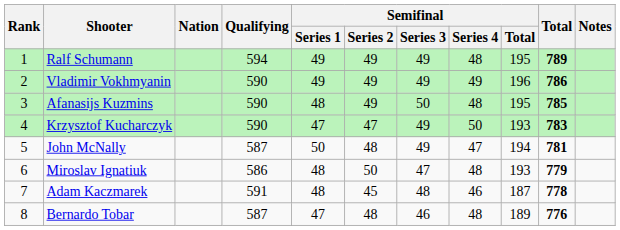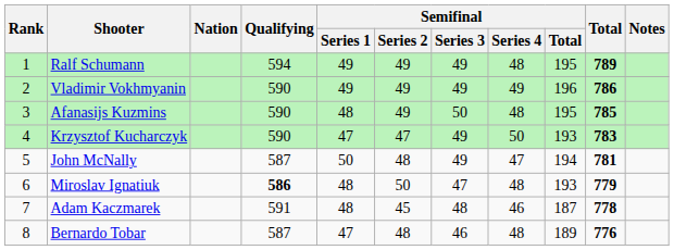 <table class="wikitable sortable" style="text-align: center">
 <tr>
 <th rowspan=2>Rank</th>
 <th rowspan=2>Shooter</th>
 <th rowspan=2>Nation</th>
 <th rowspan=2>Qualifying</th>
 <th colspan=5>Semifinal</th>
 <th rowspan=2>Total</th>
 <th rowspan=2>Notes</th>
 </tr>
 <tr>
 <th>Series 1</th>
 <th>Series 2</th>
 <th>Series 3</th>
 <th>Series 4</th>
 <th>Total</th>
 </tr>
 <tr bgcolor=#bbf3bb>
 <td>1</td>
 <td align=left><a href='#'>Ralf Schumann</a></td>
 <td align=left></td>
 <td>594</td>
 <td>49</td>
 <td>49</td>
 <td>49</td>
 <td>48</td>
 <td>195</td>
 <td><strong>789</strong></td>
 <td></td>
 </tr>
 <tr bgcolor=#bbf3bb>
 <td>2</td>
 <td align=left><a href='#'>Vladimir Vokhmyanin</a></td>
 <td align=left></td>
 <td>590</td>
 <td>49</td>
 <td>49</td>
 <td>49</td>
 <td>49</td>
 <td>196</td>
 <td><strong>786</strong></td>
 <td></td>
 </tr>
 <tr bgcolor=#bbf3bb>
 <td>3</td>
 <td align=left><a href='#'>Afanasijs Kuzmins</a></td>
 <td align=left></td>
 <td>590</td>
 <td>48</td>
 <td>49</td>
 <td>50</td>
 <td>48</td>
 <td>195</td>
 <td><strong>785</strong></td>
 <td></td>
 </tr>
 <tr bgcolor=#bbf3bb>
 <td>4</td>
 <td align=left><a href='#'>Krzysztof Kucharczyk</a></td>
 <td align=left></td>
 <td>590</td>
 <td>47</td>
 <td>47</td>
 <td>49</td>
 <td>50</td>
 <td>193</td>
 <td><strong>783</strong></td>
 <td></td>
 </tr>
 <tr>
 <td>5</td>
 <td align=left><a href='#'>John McNally</a></td>
 <td align=left></td>
 <td>587</td>
 <td>50</td>
 <td>48</td>
 <td>49</td>
 <td>47</td>
 <td>194</td>
 <td><strong>781</strong></td>
 <td></td>
 </tr>
 <tr>
 <td>6</td>
 <td align=left><a href='#'>Miroslav Ignatiuk</a></td>
 <td align=left></td>
-<td>586</td>
+<td><strong>586</strong></td>
 <td>48</td>
 <td>50</td>
 <td>47</td>
 <td>48</td>
 <td>193</td>
 <td><strong>779</strong></td>
 <td></td>
 </tr>
 <tr>
 <td>7</td>
 <td align=left><a href='#'>Adam Kaczmarek</a></td>
 <td align=left></td>
 <td>591</td>
 <td>48</td>
 <td>45</td>
 <td>48</td>
 <td>46</td>
 <td>187</td>
 <td><strong>778</strong></td>
 <td></td>
 </tr>
 <tr>
 <td>8</td>
 <td align=left><a href='#'>Bernardo Tobar</a></td>
 <td align=left></td>
 <td>587</td>
 <td>47</td>
 <td>48</td>
 <td>46</td>
 <td>48</td>
 <td>189</td>
 <td><strong>776</strong></td>
 <td></td>
 </tr>
 </table>
